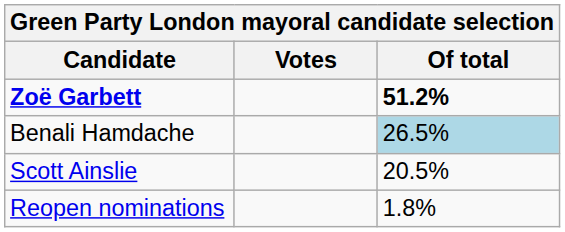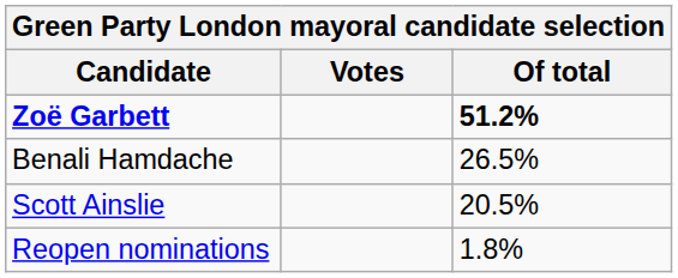 <table class="wikitable">
 <tr>
 <th colspan="3">Green Party London mayoral candidate selection</th>
 </tr>
 <tr>
 <th style="width:150px;">Candidate</th>
 <th colspan="1">Votes</th>
 <th>Of total</th>
 </tr>
 <tr style="font-weight:bold;">
 <td><a href='#'>Zoë Garbett</a></td>
 <td style="text-align:center;"></td>
 <td>51.2%</td>
 </tr>
 <tr>
 <td>Benali Hamdache</td>
 <td style="text-align:center;"></td>
-<td style="background: lightblue;">26.5%</td>
+<td>26.5%</td>
 </tr>
 <tr>
 <td><a href='#'>Scott Ainslie</a></td>
 <td style="text-align:center;"></td>
 <td>20.5%</td>
 </tr>
 <tr>
 <td><a href='#'>Reopen nominations</a></td>
 <td style="text-align:center;"></td>
 <td>1.8%</td>
 </tr>
 </table>
